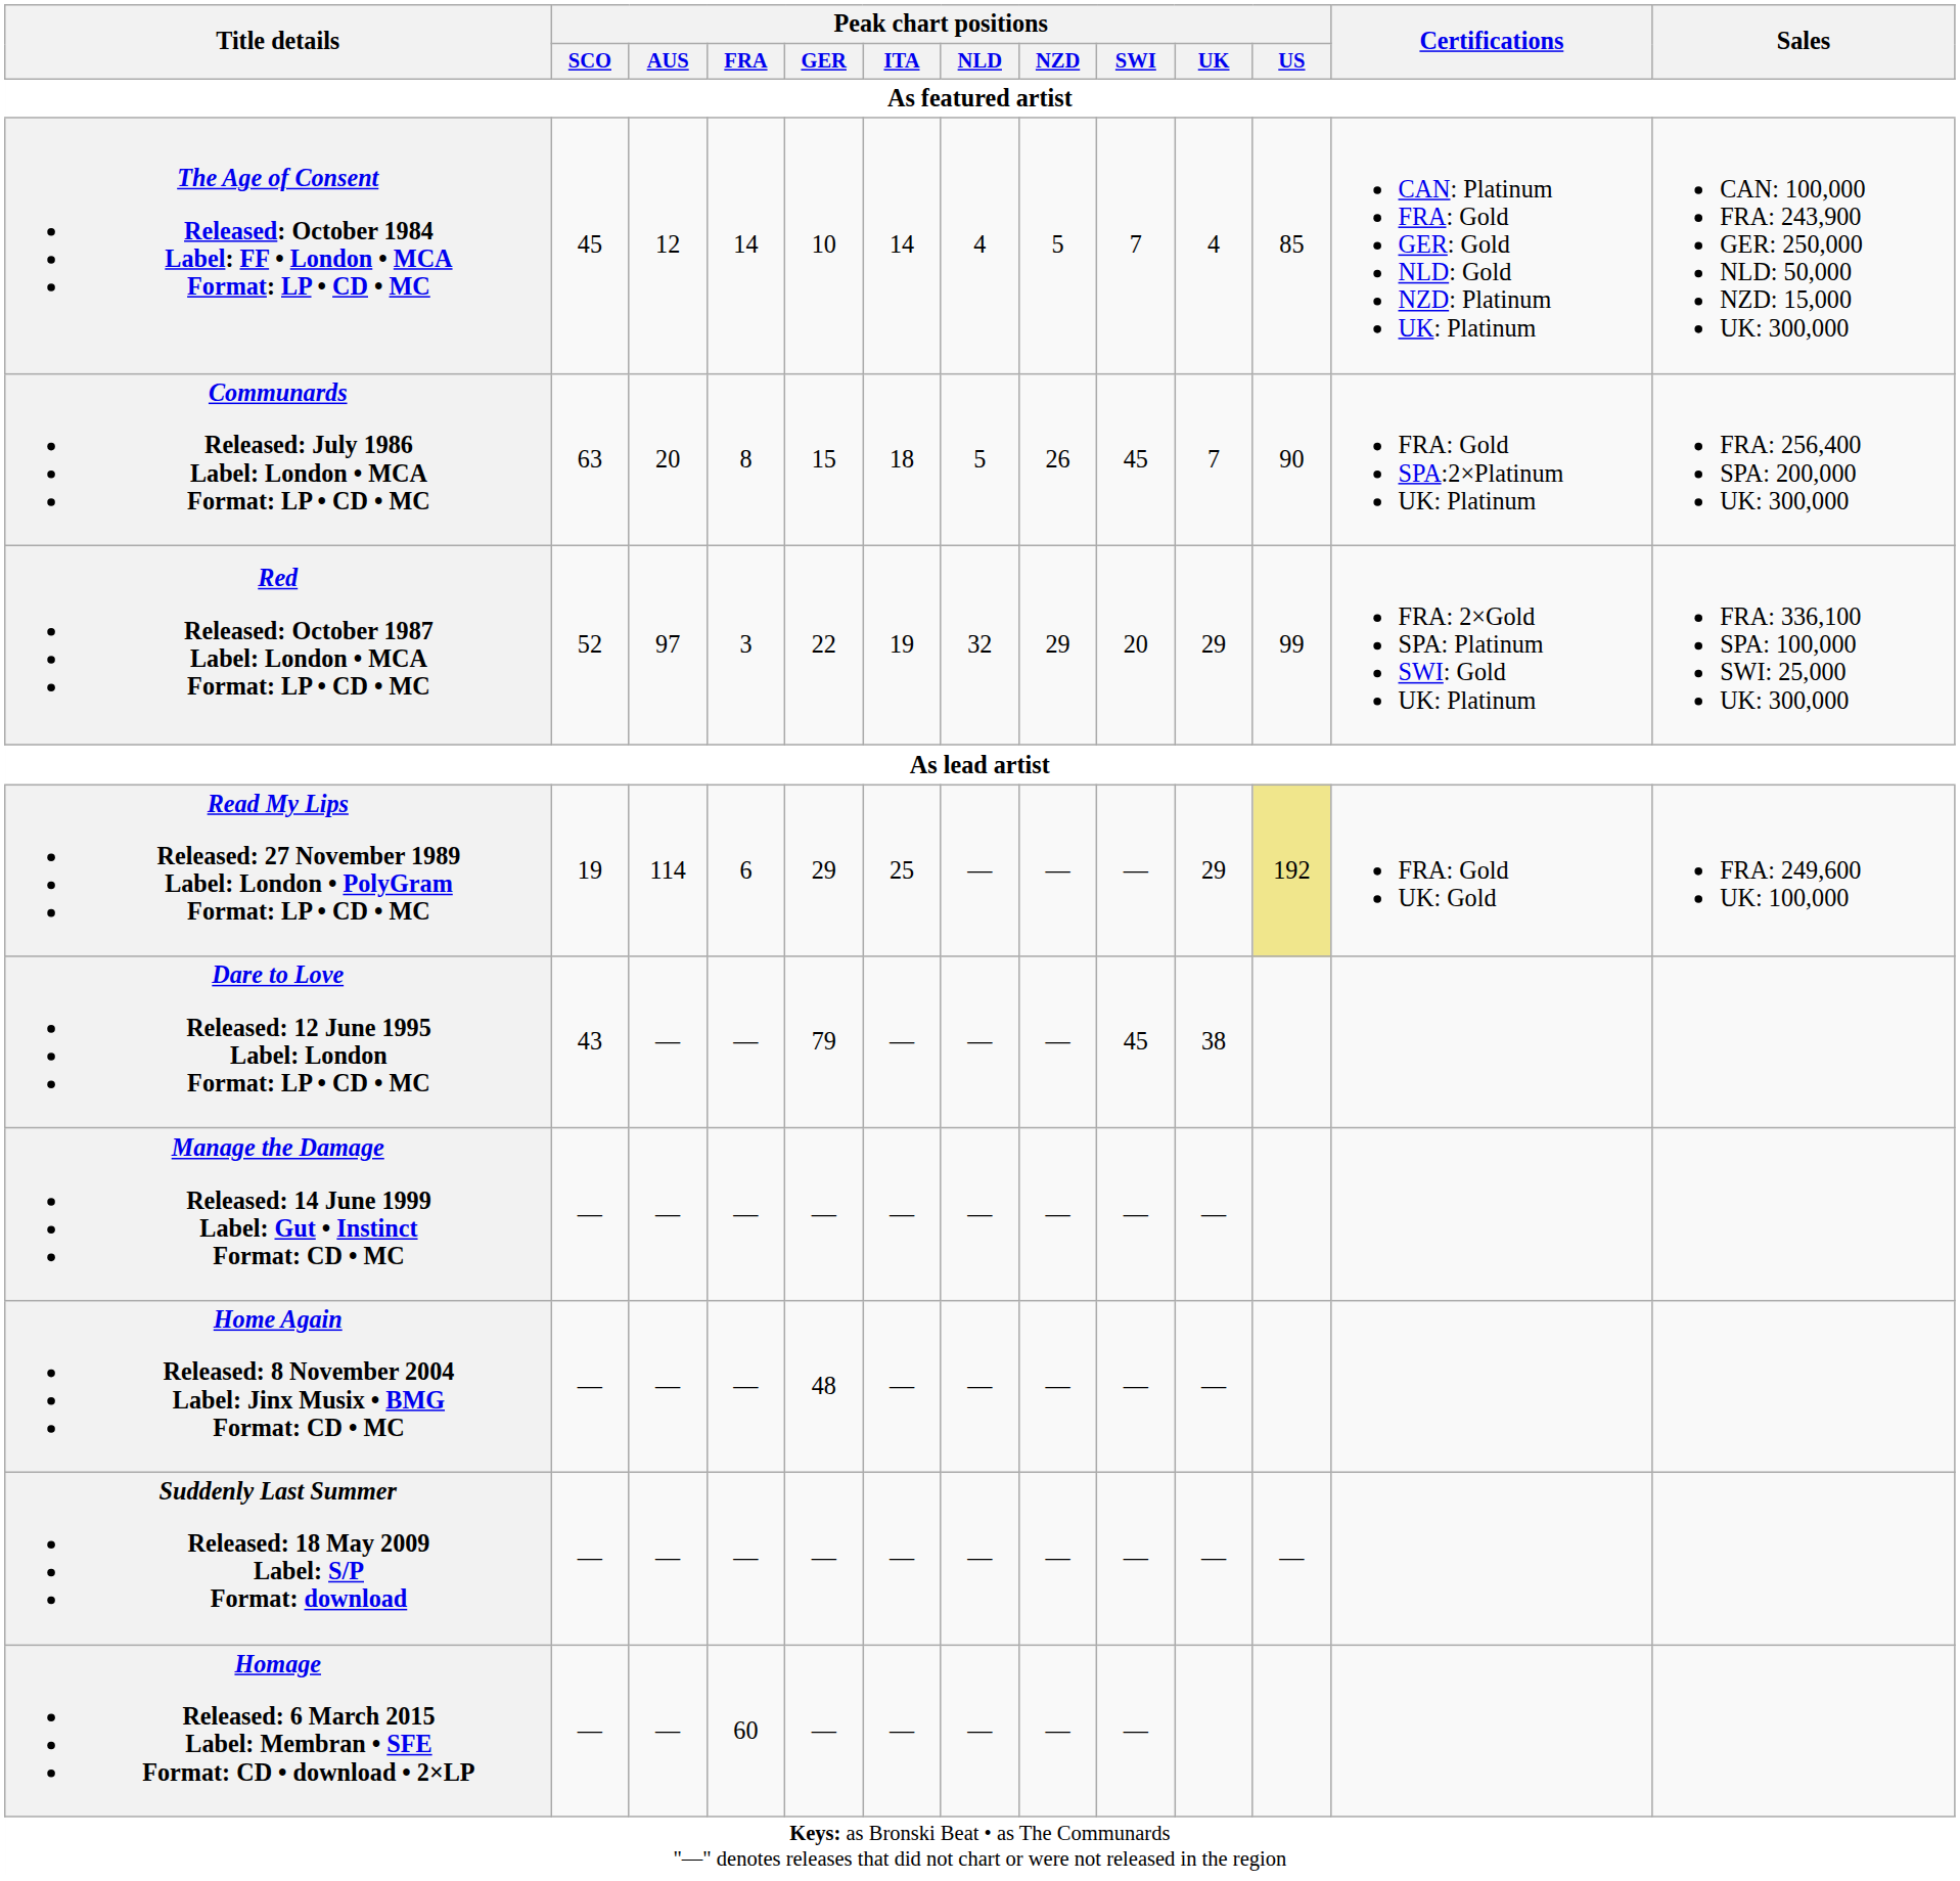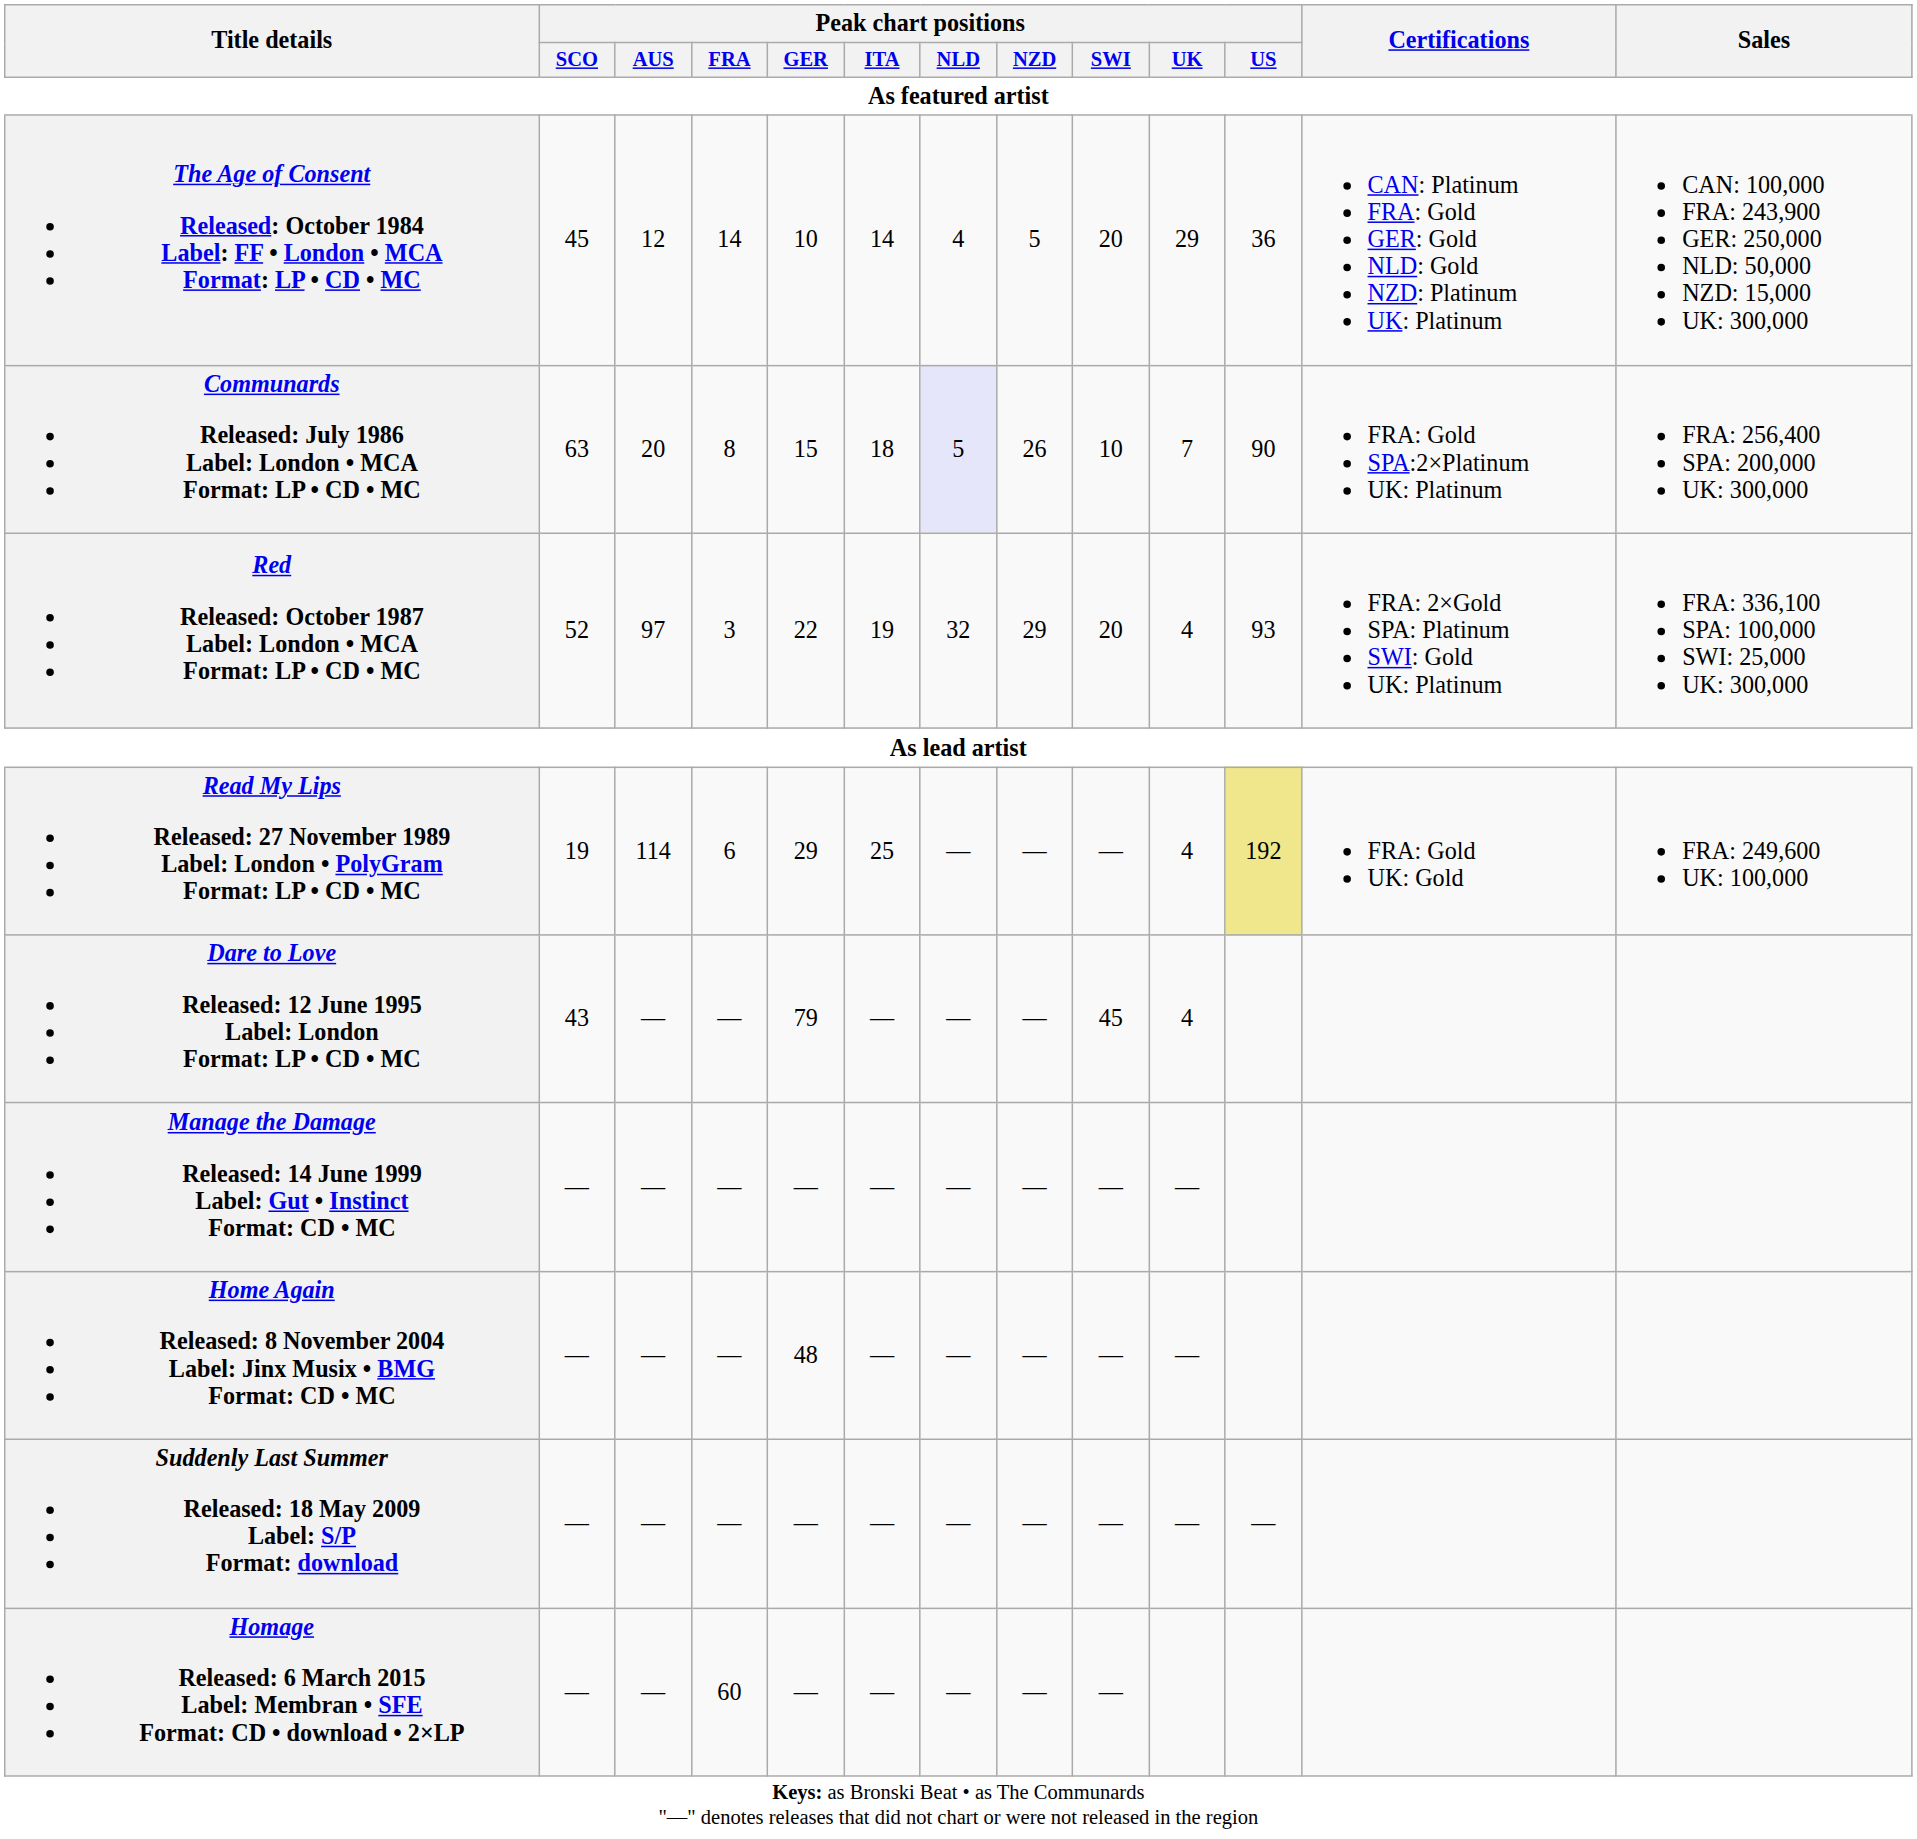 <table class="wikitable plainrowheaders" style="text-align:center; width:100%;">
 <tr>
 <th rowspan="2" scope="col" style="width:28%;">Title details</th>
 <th colspan="10" scope="col" style="width:40%;">Peak chart positions</th>
 <th rowspan="2" scope="col" style="width:16.5%;"><a href='#'>Certifications</a></th>
 <th rowspan="2" scope="col" style="width:15.5%;">Sales</th>
 </tr>
 <tr>
 <th scope="col" style="width:4%; font-size:85%;"><a href='#'>SCO</a> <br></th>
 <th scope="col" style="width:4%; font-size:85%;"><a href='#'>AUS</a> <br></th>
 <th scope="col" style="width:4%; font-size:85%;"><a href='#'>FRA</a> <br></th>
 <th scope="col" style="width:4%; font-size:85%;"><a href='#'>GER</a> <br></th>
 <th scope="col" style="width:4%; font-size:85%;"><a href='#'>ITA</a> <br></th>
 <th scope="col" style="width:4%; font-size:85%;"><a href='#'>NLD</a> <br></th>
 <th scope="col" style="width:4%; font-size:85%;"><a href='#'>NZD</a> <br></th>
 <th scope="col" style="width:4%; font-size:85%;"><a href='#'>SWI</a> <br></th>
 <th scope="col" style="width:4%; font-size:85%;"><a href='#'>UK</a> <br></th>
 <th scope="col" style="width:4%; font-size:85%;"><a href='#'>US</a> <br></th>
 </tr>
 <tr>
 <th colspan="13" style="background:#FFF; border-left:1px solid #FFF; border-right:1px solid #FFF">As featured artist</th>
 </tr>
 <tr>
 <th scope="row"><em><a href='#'>The Age of Consent</a></em><br><ul><li><a href='#'>Released</a>: October 1984</li><li><a href='#'>Label</a>: <a href='#'>FF</a> • <a href='#'>London</a> • <a href='#'>MCA</a> </li><li><a href='#'>Format</a>: <a href='#'>LP</a> • <a href='#'>CD</a> • <a href='#'>MC</a></li></ul></th>
 <td>45</td>
 <td>12</td>
 <td>14</td>
 <td>10</td>
 <td>14</td>
 <td>4</td>
 <td>5</td>
-<td>7</td>
-<td>4</td>
-<td>85</td>
+<td>20</td>
+<td>29</td>
+<td>36</td>
 <td style="text-align:left;"><br><ul><li><a href='#'>CAN</a>: Platinum</li><li><a href='#'>FRA</a>: Gold</li><li><a href='#'>GER</a>: Gold</li><li><a href='#'>NLD</a>: Gold</li><li><a href='#'>NZD</a>: Platinum</li><li><a href='#'>UK</a>: Platinum</li></ul></td>
 <td style="text-align:left;"><br><ul><li>CAN: 100,000</li><li>FRA: 243,900</li><li>GER: 250,000</li><li>NLD: 50,000</li><li>NZD: 15,000</li><li>UK: 300,000</li></ul></td>
 </tr>
 <tr>
 <th scope="row"><em><a href='#'>Communards</a></em><br><ul><li>Released: July 1986</li><li>Label: London • MCA </li><li>Format: LP • CD • MC</li></ul></th>
 <td>63</td>
 <td>20</td>
 <td>8</td>
 <td>15</td>
 <td>18</td>
-<td>5</td>
+<td style="background: lavender;">5</td>
 <td>26</td>
-<td>45</td>
+<td>10</td>
 <td>7</td>
 <td>90</td>
 <td style="text-align:left;"><br><ul><li>FRA: Gold</li><li><a href='#'>SPA</a>:2×Platinum</li><li>UK: Platinum</li></ul></td>
 <td style="text-align:left;"><br><ul><li>FRA: 256,400</li><li>SPA: 200,000</li><li>UK: 300,000</li></ul></td>
 </tr>
 <tr>
 <th scope="row"><em><a href='#'>Red</a></em><br><ul><li>Released: October 1987</li><li>Label: London • MCA </li><li>Format: LP • CD • MC</li></ul></th>
 <td>52</td>
 <td>97</td>
 <td>3</td>
 <td>22</td>
 <td>19</td>
 <td>32</td>
 <td>29</td>
 <td>20</td>
-<td>29</td>
-<td>99</td>
+<td>4</td>
+<td>93</td>
 <td style="text-align:left;"><br><ul><li>FRA: 2×Gold</li><li>SPA: Platinum</li><li><a href='#'>SWI</a>: Gold</li><li>UK: Platinum</li></ul></td>
 <td style="text-align:left;"><br><ul><li>FRA: 336,100</li><li>SPA: 100,000</li><li>SWI: 25,000</li><li>UK: 300,000</li></ul></td>
 </tr>
 <tr>
 <th colspan="13" style="background:#FFF; border-left:1px solid #FFF; border-right:1px solid #FFF">As lead artist</th>
 </tr>
 <tr>
 <th scope="row"><em><a href='#'>Read My Lips</a></em><br><ul><li>Released: 27 November 1989</li><li>Label: London • <a href='#'>PolyGram</a> </li><li>Format: LP • CD • MC</li></ul></th>
 <td>19</td>
 <td>114</td>
 <td>6</td>
 <td>29</td>
 <td>25</td>
 <td>—</td>
 <td>—</td>
 <td>—</td>
-<td>29</td>
+<td>4</td>
 <td style="background: khaki;">192</td>
 <td style="text-align:left;"><br><ul><li>FRA: Gold</li><li>UK: Gold</li></ul></td>
 <td style="text-align:left;"><br><ul><li>FRA: 249,600</li><li>UK: 100,000</li></ul></td>
 </tr>
 <tr>
 <th scope="row"><em><a href='#'>Dare to Love</a></em><br><ul><li>Released: 12 June 1995</li><li>Label: London</li><li>Format: LP • CD • MC</li></ul></th>
 <td>43</td>
 <td>—</td>
 <td>—</td>
 <td>79</td>
 <td>—</td>
 <td>—</td>
 <td>—</td>
 <td>45</td>
-<td>38</td>
+<td>4</td>
 <td></td>
 <td style="text-align:left;"></td>
 <td style="text-align:left;"></td>
 </tr>
 <tr>
 <th scope="row"><em><a href='#'>Manage the Damage</a></em><br><ul><li>Released: 14 June 1999</li><li>Label: <a href='#'>Gut</a> • <a href='#'>Instinct</a> </li><li>Format: CD • MC</li></ul></th>
 <td>—</td>
 <td>—</td>
 <td>—</td>
 <td>—</td>
 <td>—</td>
 <td>—</td>
 <td>—</td>
 <td>—</td>
 <td>—</td>
 <td></td>
 <td style="text-align:left;"></td>
 <td style="text-align:left;"></td>
 </tr>
 <tr>
 <th scope="row"><em><a href='#'>Home Again</a></em><br><ul><li>Released: 8 November 2004</li><li>Label: Jinx Musix • <a href='#'>BMG</a></li><li>Format: CD • MC</li></ul></th>
 <td>—</td>
 <td>—</td>
 <td>—</td>
 <td>48</td>
 <td>—</td>
 <td>—</td>
 <td>—</td>
 <td>—</td>
 <td>—</td>
 <td></td>
 <td style="text-align:left;"></td>
 <td style="text-align:left;"></td>
 </tr>
 <tr>
 <th scope="row"><em>Suddenly Last Summer</em><br><ul><li>Released: 18 May 2009</li><li>Label: <a href='#'>S/P</a></li><li>Format: <a href='#'>download</a></li></ul></th>
 <td>—</td>
 <td>—</td>
 <td>—</td>
 <td>—</td>
 <td>—</td>
 <td>—</td>
 <td>—</td>
 <td>—</td>
 <td>—</td>
 <td>—</td>
 <td style="text-align:left;"></td>
 <td style="text-align:left;"></td>
 </tr>
 <tr>
 <th scope="row"><em><a href='#'>Homage</a></em><br><ul><li>Released: 6 March 2015</li><li>Label: Membran • <a href='#'>SFE</a></li><li>Format: CD • download • 2×LP </li></ul></th>
 <td>—</td>
 <td>—</td>
 <td>60</td>
 <td>—</td>
 <td>—</td>
 <td>—</td>
 <td>—</td>
 <td>—</td>
 <td></td>
 <td></td>
 <td style="text-align:left;"></td>
 <td style="text-align:left;"></td>
 </tr>
 <tr>
 <td colspan="13" style="width:100%; background:#FFF; border-bottom:1px solid #FFF; border-left:1px solid #FFF; border-right:1px solid #FFF;font-size:85%"><strong>Keys:</strong>  as Bronski Beat •  as The Communards  <br>"—" denotes releases that did not chart or were not released in the region</td>
 </tr>
 </table>
